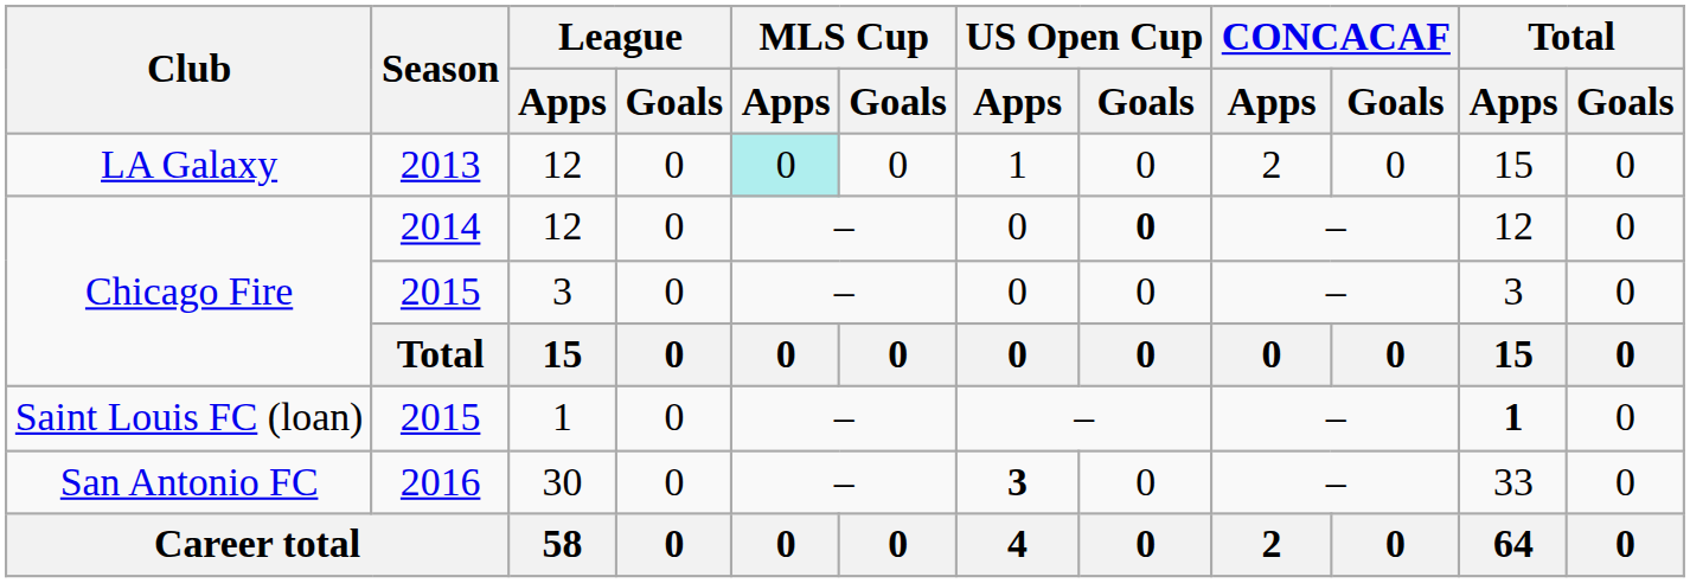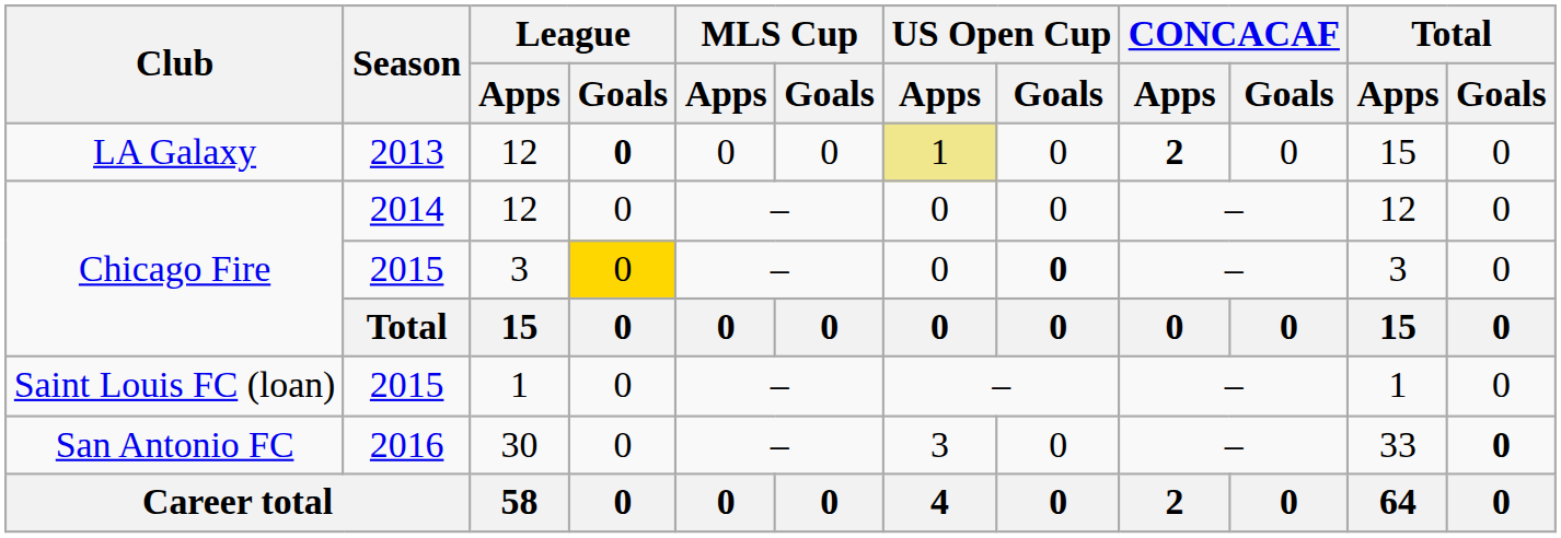 <table class="wikitable" style="text-align:center">
 <tr>
 <th rowspan="2">Club</th>
 <th rowspan="2">Season</th>
 <th colspan="2">League</th>
 <th colspan="2">MLS Cup</th>
 <th colspan="2">US Open Cup</th>
 <th colspan="2"><a href='#'>CONCACAF</a></th>
 <th colspan="2">Total</th>
 </tr>
 <tr>
 <th>Apps</th>
 <th>Goals</th>
 <th>Apps</th>
 <th>Goals</th>
 <th>Apps</th>
 <th>Goals</th>
 <th>Apps</th>
 <th>Goals</th>
 <th>Apps</th>
 <th>Goals</th>
 </tr>
 <tr>
 <td><a href='#'>LA Galaxy</a></td>
 <td><a href='#'>2013</a></td>
 <td>12</td>
+<td><strong>0</strong></td>
 <td>0</td>
-<td style="background: paleturquoise;">0</td>
 <td>0</td>
-<td>1</td>
+<td style="background: khaki;">1</td>
 <td>0</td>
-<td>2</td>
+<td><strong>2</strong></td>
 <td>0</td>
 <td>15</td>
 <td>0</td>
 </tr>
 <tr>
 <td rowspan="3"><a href='#'>Chicago Fire</a></td>
 <td><a href='#'>2014</a></td>
 <td>12</td>
 <td>0</td>
 <td colspan="2">–</td>
 <td>0</td>
-<td><strong>0</strong></td>
+<td>0</td>
 <td colspan="2">–</td>
 <td>12</td>
 <td>0</td>
 </tr>
 <tr>
 <td><a href='#'>2015</a></td>
 <td>3</td>
-<td>0</td>
+<td style="background: gold;">0</td>
 <td colspan="2">–</td>
 <td>0</td>
-<td>0</td>
+<td><strong>0</strong></td>
 <td colspan="2">–</td>
 <td>3</td>
 <td>0</td>
 </tr>
 <tr>
 <th colspan="1">Total</th>
 <th>15</th>
 <th>0</th>
 <th>0</th>
 <th>0</th>
 <th>0</th>
 <th>0</th>
 <th>0</th>
 <th>0</th>
 <th>15</th>
 <th>0</th>
 </tr>
 <tr>
 <td><a href='#'>Saint Louis FC</a> (loan)</td>
 <td><a href='#'>2015</a></td>
 <td>1</td>
 <td>0</td>
 <td colspan="2">–</td>
 <td colspan="2">–</td>
 <td colspan="2">–</td>
-<td><strong>1</strong></td>
+<td>1</td>
 <td>0</td>
 </tr>
 <tr>
 <td><a href='#'>San Antonio FC</a></td>
 <td><a href='#'>2016</a></td>
 <td>30</td>
 <td>0</td>
 <td colspan="2">–</td>
-<td><strong>3</strong></td>
+<td>3</td>
 <td>0</td>
 <td colspan="2">–</td>
 <td>33</td>
-<td>0</td>
+<td><strong>0</strong></td>
 </tr>
 <tr>
 <th colspan="2">Career total</th>
 <th>58</th>
 <th>0</th>
 <th>0</th>
 <th>0</th>
 <th>4</th>
 <th>0</th>
 <th>2</th>
 <th>0</th>
 <th>64</th>
 <th>0</th>
 </tr>
 </table>
